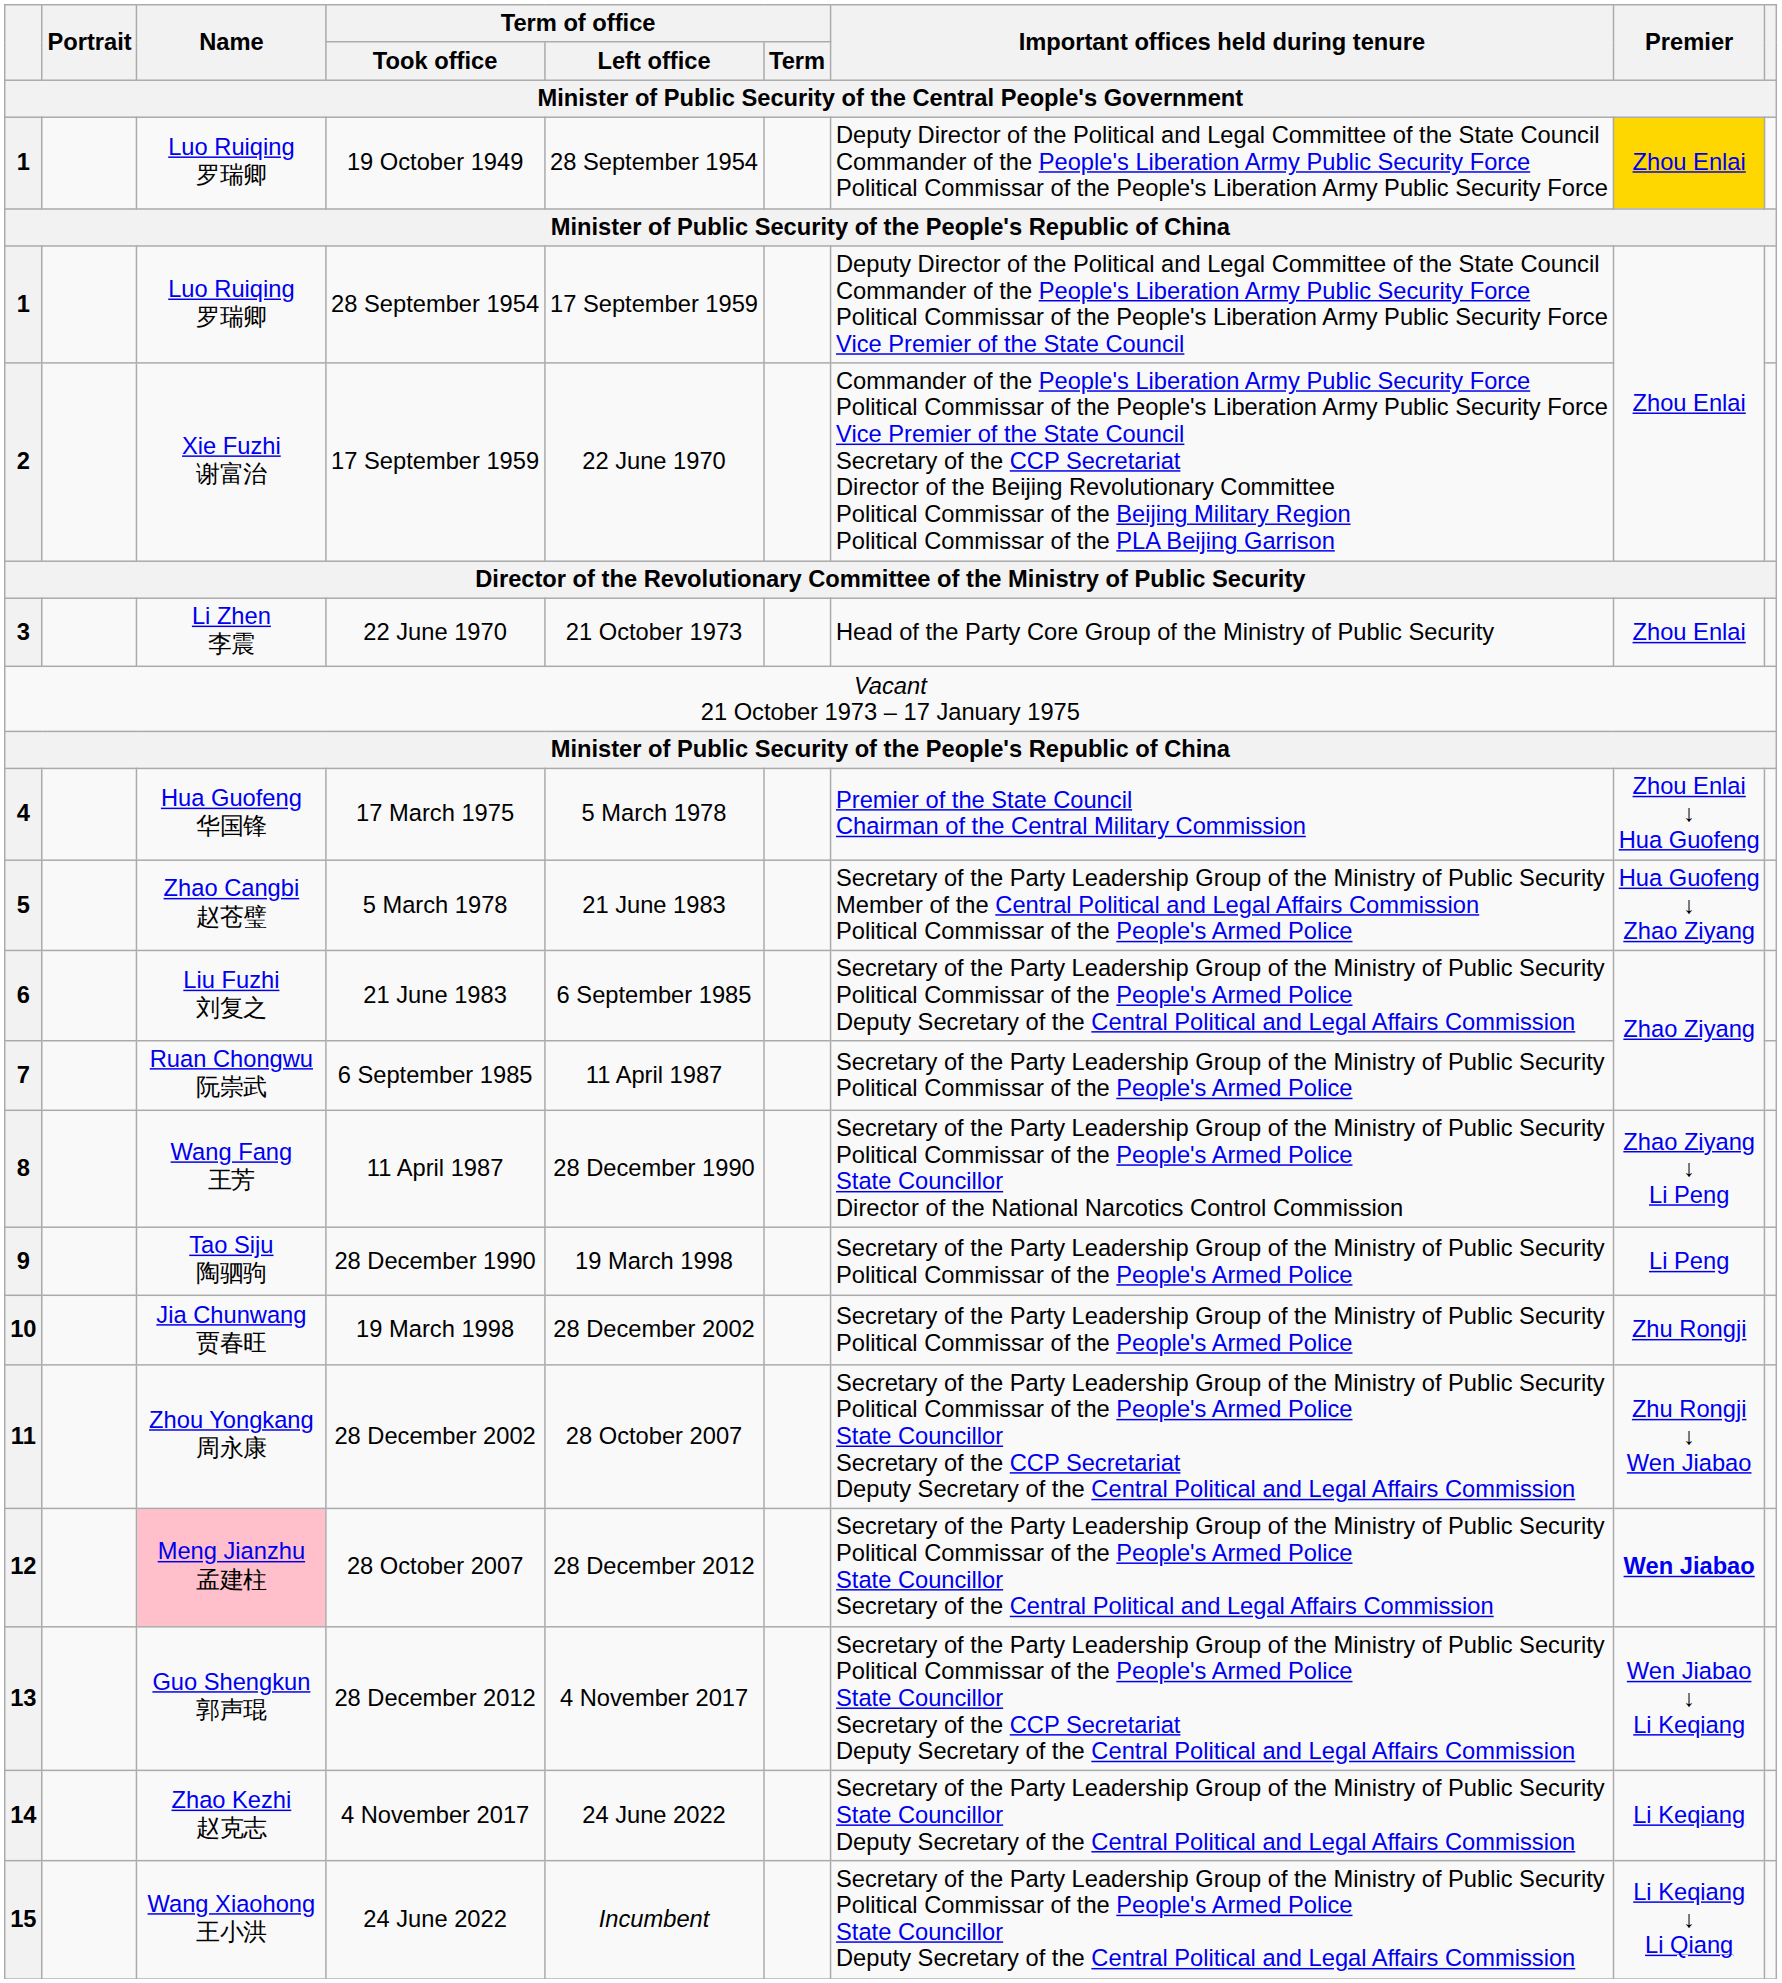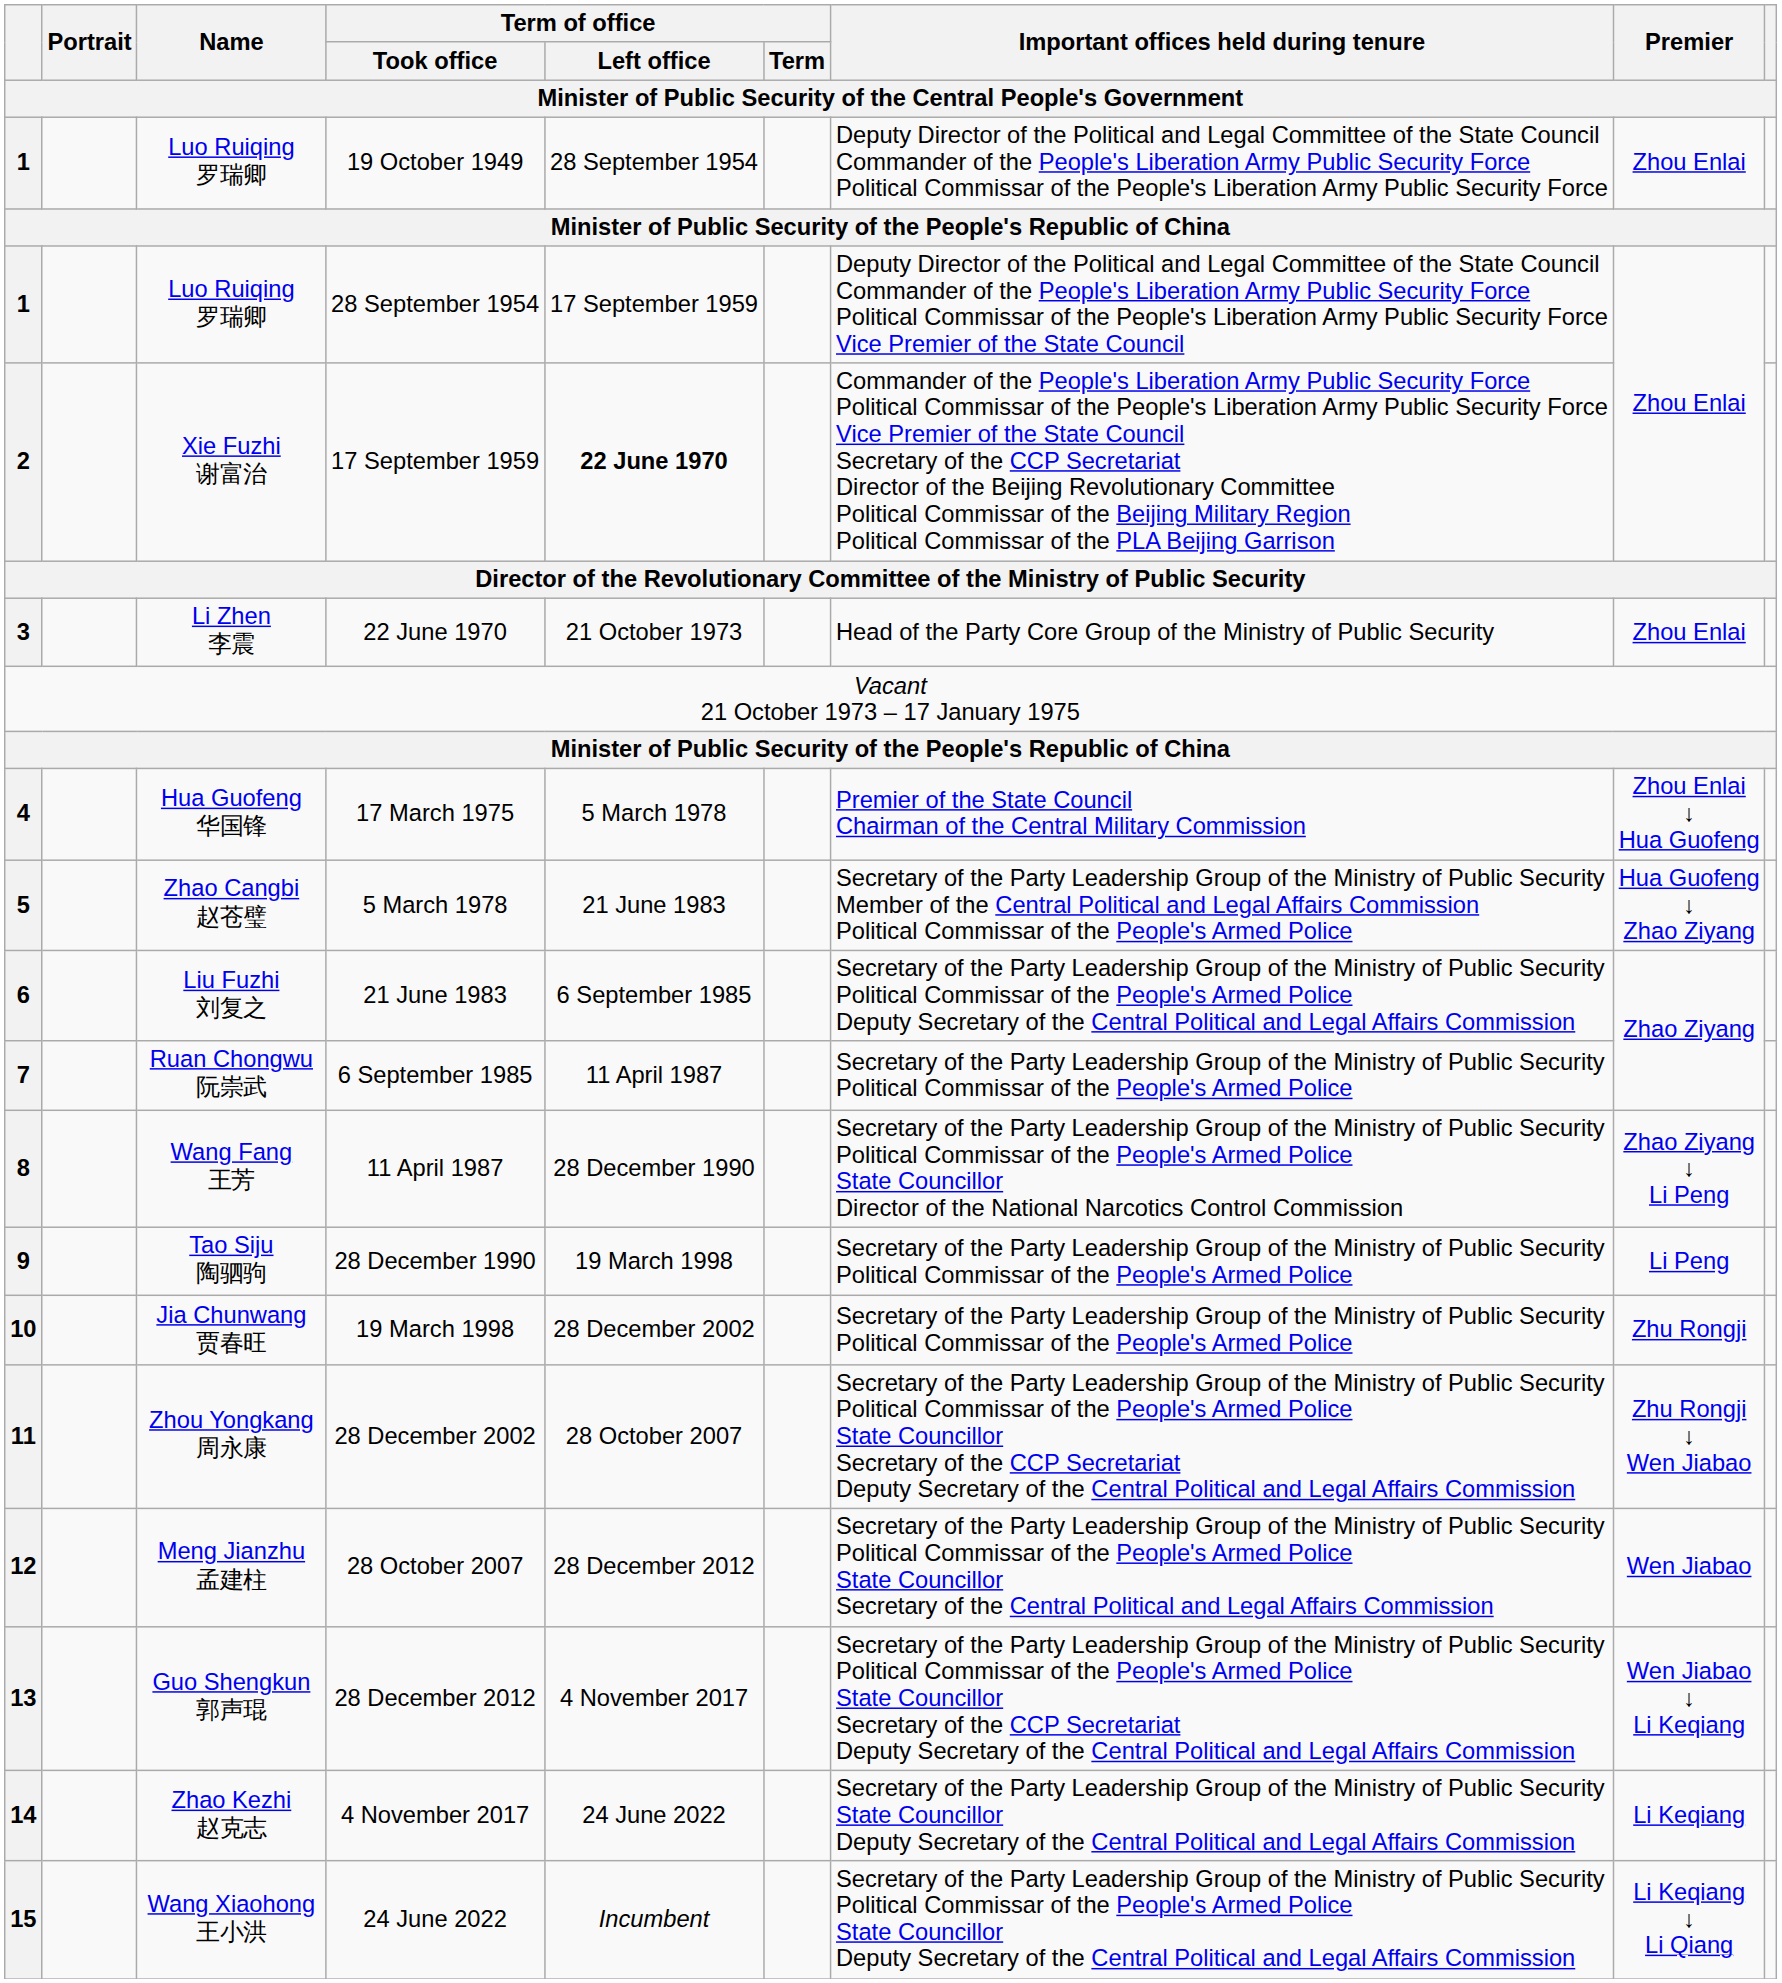 <table class="wikitable" style="text-align:center">
 <tr>
 <th rowspan="2"></th>
 <th rowspan="2">Portrait</th>
 <th rowspan="2" width="120">Name<br></th>
 <th colspan="3">Term of office</th>
 <th rowspan="2">Important offices held during tenure</th>
 <th rowspan="2">Premier</th>
 <th rowspan="2"></th>
 </tr>
 <tr>
 <th>Took office</th>
 <th>Left office</th>
 <th>Term</th>
 </tr>
 <tr>
 <th colspan="9">Minister of Public Security of the Central People's Government</th>
 </tr>
 <tr>
 <th>1</th>
 <td></td>
 <td><a href='#'>Luo Ruiqing</a><br>罗瑞卿<br></td>
 <td>19 October 1949</td>
 <td>28 September 1954</td>
 <td></td>
 <td align="left">Deputy Director of the Political and Legal Committee of the State Council<br>Commander of the <a href='#'>People's Liberation Army Public Security Force</a><br>Political Commissar of the People's Liberation Army Public Security Force</td>
-<td style="background: gold;"><a href='#'>Zhou Enlai</a></td>
+<td><a href='#'>Zhou Enlai</a></td>
 <td></td>
 </tr>
 <tr>
 <th colspan="9">Minister of Public Security of the People's Republic of China</th>
 </tr>
 <tr>
 <th>1</th>
 <td></td>
 <td><a href='#'>Luo Ruiqing</a><br>罗瑞卿<br></td>
 <td>28 September 1954</td>
 <td>17 September 1959</td>
 <td></td>
 <td align="left">Deputy Director of the Political and Legal Committee of the State Council<br>Commander of the <a href='#'>People's Liberation Army Public Security Force</a><br>Political Commissar of the People's Liberation Army Public Security Force<br><a href='#'>Vice Premier of the State Council</a></td>
 <td rowspan="2"><a href='#'>Zhou Enlai</a></td>
 <td></td>
 </tr>
 <tr>
 <th>2</th>
 <td></td>
 <td><a href='#'>Xie Fuzhi</a><br>谢富治<br></td>
 <td>17 September 1959</td>
-<td>22 June 1970</td>
+<td><strong>22 June 1970</strong></td>
 <td></td>
 <td align="left">Commander of the <a href='#'>People's Liberation Army Public Security Force</a><br>Political Commissar of the People's Liberation Army Public Security Force<br><a href='#'>Vice Premier of the State Council</a><br>Secretary of the <a href='#'>CCP Secretariat</a><br>Director of the Beijing Revolutionary Committee<br>Political Commissar of the <a href='#'>Beijing Military Region</a><br>Political Commissar of the <a href='#'>PLA Beijing Garrison</a></td>
 <td></td>
 </tr>
 <tr>
 <th colspan="9">Director of the Revolutionary Committee of the Ministry of Public Security</th>
 </tr>
 <tr>
 <th>3</th>
 <td></td>
 <td><a href='#'>Li Zhen</a><br>李震<br></td>
 <td>22 June 1970</td>
 <td>21 October 1973</td>
 <td></td>
 <td align="left">Head of the Party Core Group of the Ministry of Public Security</td>
 <td><a href='#'>Zhou Enlai</a></td>
 <td></td>
 </tr>
 <tr>
 <td colspan="9"><em>Vacant</em><br>21 October 1973 – 17 January 1975</td>
 </tr>
 <tr>
 <th colspan="9">Minister of Public Security of the People's Republic of China</th>
 </tr>
 <tr>
 <th>4</th>
 <td></td>
 <td><a href='#'>Hua Guofeng</a><br>华国锋<br></td>
 <td>17 March 1975</td>
 <td>5 March 1978</td>
 <td></td>
 <td align="left"><a href='#'>Premier of the State Council</a><br><a href='#'>Chairman of the Central Military Commission</a></td>
 <td><a href='#'>Zhou Enlai</a><br>↓<br><a href='#'>Hua Guofeng</a></td>
 <td></td>
 </tr>
 <tr>
 <th>5</th>
 <td></td>
 <td><a href='#'>Zhao Cangbi</a><br>赵苍璧<br></td>
 <td>5 March 1978</td>
 <td>21 June 1983</td>
 <td></td>
 <td align="left">Secretary of the Party Leadership Group of the Ministry of Public Security<br>Member of the <a href='#'>Central Political and Legal Affairs Commission</a><br>Political Commissar of the <a href='#'>People's Armed Police</a></td>
 <td><a href='#'>Hua Guofeng</a><br>↓<br><a href='#'>Zhao Ziyang</a></td>
 <td></td>
 </tr>
 <tr>
 <th>6</th>
 <td></td>
 <td><a href='#'>Liu Fuzhi</a><br>刘复之<br></td>
 <td>21 June 1983</td>
 <td>6 September 1985</td>
 <td></td>
 <td align="left">Secretary of the Party Leadership Group of the Ministry of Public Security<br>Political Commissar of the <a href='#'>People's Armed Police</a><br>Deputy Secretary of the <a href='#'>Central Political and Legal Affairs Commission</a></td>
 <td rowspan="2"><a href='#'>Zhao Ziyang</a></td>
 <td></td>
 </tr>
 <tr>
 <th>7</th>
 <td></td>
 <td><a href='#'>Ruan Chongwu</a><br>阮崇武<br></td>
 <td>6 September 1985</td>
 <td>11 April 1987</td>
 <td></td>
 <td align="left">Secretary of the Party Leadership Group of the Ministry of Public Security<br>Political Commissar of the <a href='#'>People's Armed Police</a></td>
 <td></td>
 </tr>
 <tr>
 <th>8</th>
 <td></td>
 <td><a href='#'>Wang Fang</a><br>王芳<br></td>
 <td>11 April 1987</td>
 <td>28 December 1990</td>
 <td></td>
 <td align="left">Secretary of the Party Leadership Group of the Ministry of Public Security<br>Political Commissar of the <a href='#'>People's Armed Police</a><br><a href='#'>State Councillor</a><br>Director of the National Narcotics Control Commission</td>
 <td><a href='#'>Zhao Ziyang</a><br>↓<br><a href='#'>Li Peng</a></td>
 <td></td>
 </tr>
 <tr>
 <th>9</th>
 <td></td>
 <td><a href='#'>Tao Siju</a><br>陶驷驹<br></td>
 <td>28 December 1990</td>
 <td>19 March 1998</td>
 <td></td>
 <td align="left">Secretary of the Party Leadership Group of the Ministry of Public Security<br>Political Commissar of the <a href='#'>People's Armed Police</a></td>
 <td><a href='#'>Li Peng</a></td>
 <td></td>
 </tr>
 <tr>
 <th>10</th>
 <td></td>
 <td><a href='#'>Jia Chunwang</a><br>贾春旺<br></td>
 <td>19 March 1998</td>
 <td>28 December 2002</td>
 <td></td>
 <td align="left">Secretary of the Party Leadership Group of the Ministry of Public Security<br>Political Commissar of the <a href='#'>People's Armed Police</a></td>
 <td><a href='#'>Zhu Rongji</a></td>
 <td></td>
 </tr>
 <tr>
 <th>11</th>
 <td></td>
 <td><a href='#'>Zhou Yongkang</a><br>周永康<br></td>
 <td>28 December 2002</td>
 <td>28 October 2007</td>
 <td></td>
 <td align="left">Secretary of the Party Leadership Group of the Ministry of Public Security<br>Political Commissar of the <a href='#'>People's Armed Police</a><br><a href='#'>State Councillor</a><br>Secretary of the <a href='#'>CCP Secretariat</a><br>Deputy Secretary of the <a href='#'>Central Political and Legal Affairs Commission</a></td>
 <td><a href='#'>Zhu Rongji</a><br>↓<br><a href='#'>Wen Jiabao</a></td>
 <td></td>
 </tr>
 <tr>
 <th>12</th>
 <td></td>
-<td style="background: pink;"><a href='#'>Meng Jianzhu</a><br>孟建柱<br></td>
+<td><a href='#'>Meng Jianzhu</a><br>孟建柱<br></td>
 <td>28 October 2007</td>
 <td>28 December 2012</td>
 <td></td>
 <td align="left">Secretary of the Party Leadership Group of the Ministry of Public Security<br>Political Commissar of the <a href='#'>People's Armed Police</a><br><a href='#'>State Councillor</a><br>Secretary of the <a href='#'>Central Political and Legal Affairs Commission</a></td>
-<td><strong><a href='#'>Wen Jiabao</a></strong></td>
+<td><a href='#'>Wen Jiabao</a></td>
 <td></td>
 </tr>
 <tr>
 <th>13</th>
 <td></td>
 <td><a href='#'>Guo Shengkun</a><br>郭声琨<br></td>
 <td>28 December 2012</td>
 <td>4 November 2017</td>
 <td></td>
 <td align="left">Secretary of the Party Leadership Group of the Ministry of Public Security<br>Political Commissar of the <a href='#'>People's Armed Police</a><br><a href='#'>State Councillor</a><br>Secretary of the <a href='#'>CCP Secretariat</a><br>Deputy Secretary of the <a href='#'>Central Political and Legal Affairs Commission</a></td>
 <td><a href='#'>Wen Jiabao</a><br>↓<br><a href='#'>Li Keqiang</a></td>
 <td></td>
 </tr>
 <tr>
 <th>14</th>
 <td></td>
 <td><a href='#'>Zhao Kezhi</a><br>赵克志<br></td>
 <td>4 November 2017</td>
 <td>24 June 2022</td>
 <td></td>
 <td align="left">Secretary of the Party Leadership Group of the Ministry of Public Security<br><a href='#'>State Councillor</a><br>Deputy Secretary of the <a href='#'>Central Political and Legal Affairs Commission</a></td>
 <td><a href='#'>Li Keqiang</a></td>
 <td></td>
 </tr>
 <tr>
 <th>15</th>
 <td></td>
 <td><a href='#'>Wang Xiaohong</a><br>王小洪<br></td>
 <td>24 June 2022</td>
 <td><em>Incumbent</em></td>
 <td></td>
 <td align="left">Secretary of the Party Leadership Group of the Ministry of Public Security<br>Political Commissar of the <a href='#'>People's Armed Police</a><br><a href='#'>State Councillor</a><br>Deputy Secretary of the <a href='#'>Central Political and Legal Affairs Commission</a></td>
 <td><a href='#'>Li Keqiang</a><br>↓<br><a href='#'>Li Qiang</a></td>
 <td></td>
 </tr>
 </table>
